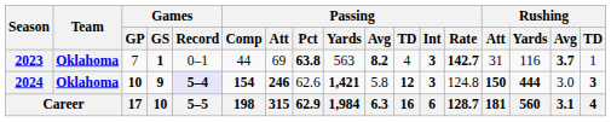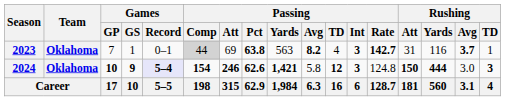 <table class="wikitable" style="text-align:center;">
 <tr>
 <th rowspan="2">Season</th>
 <th rowspan="2">Team</th>
 <th colspan="3">Games</th>
 <th colspan="8">Passing</th>
 <th colspan="5">Rushing</th>
 </tr>
 <tr>
 <th>GP</th>
 <th>GS</th>
 <th>Record</th>
 <th>Comp</th>
 <th>Att</th>
 <th>Pct</th>
 <th>Yards</th>
 <th>Avg</th>
 <th>TD</th>
 <th>Int</th>
 <th>Rate</th>
 <th>Att</th>
 <th>Yards</th>
 <th>Avg</th>
 <th>TD</th>
 </tr>
 <tr>
 <th><a href='#'>2023</a></th>
 <th><a href='#'>Oklahoma</a></th>
 <td>7</td>
-<td><strong>1</strong></td>
+<td>1</td>
 <td>0–1</td>
-<td>44</td>
+<td style="background: lightgrey;">44</td>
 <td>69</td>
 <td><strong>63.8</strong></td>
 <td>563</td>
 <td><strong>8.2</strong></td>
 <td>4</td>
 <td><strong>3</strong></td>
 <td><strong>142.7</strong></td>
 <td>31</td>
 <td>116</td>
 <td><strong>3.7</strong></td>
 <td>1</td>
 </tr>
 <tr>
 <th><a href='#'>2024</a></th>
 <th><a href='#'>Oklahoma</a></th>
 <td><strong>10</strong></td>
 <td><strong>9</strong></td>
 <td style="background: lavender;"><strong>5–4</strong></td>
 <td><strong>154</strong></td>
 <td><strong>246</strong></td>
-<td>62.6</td>
+<td><strong>62.6</strong></td>
 <td><strong>1,421</strong></td>
 <td>5.8</td>
 <td><strong>12</strong></td>
 <td><strong>3</strong></td>
 <td>124.8</td>
 <td><strong>150</strong></td>
 <td><strong>444</strong></td>
 <td>3.0</td>
 <td><strong>3</strong></td>
 </tr>
 <tr>
 <th colspan="2">Career</th>
 <th>17</th>
 <th>10</th>
 <th>5–5</th>
 <th>198</th>
 <th>315</th>
 <th>62.9</th>
 <th>1,984</th>
 <th>6.3</th>
 <th>16</th>
 <th>6</th>
 <th>128.7</th>
 <th>181</th>
 <th>560</th>
 <th>3.1</th>
 <th>4</th>
 </tr>
 </table>
